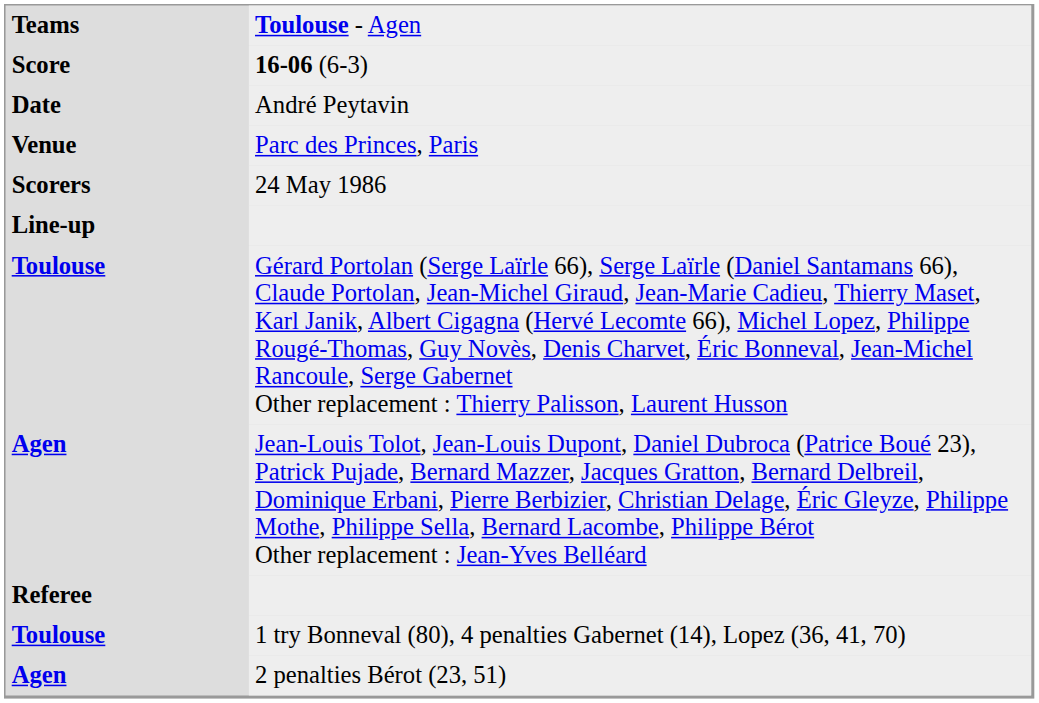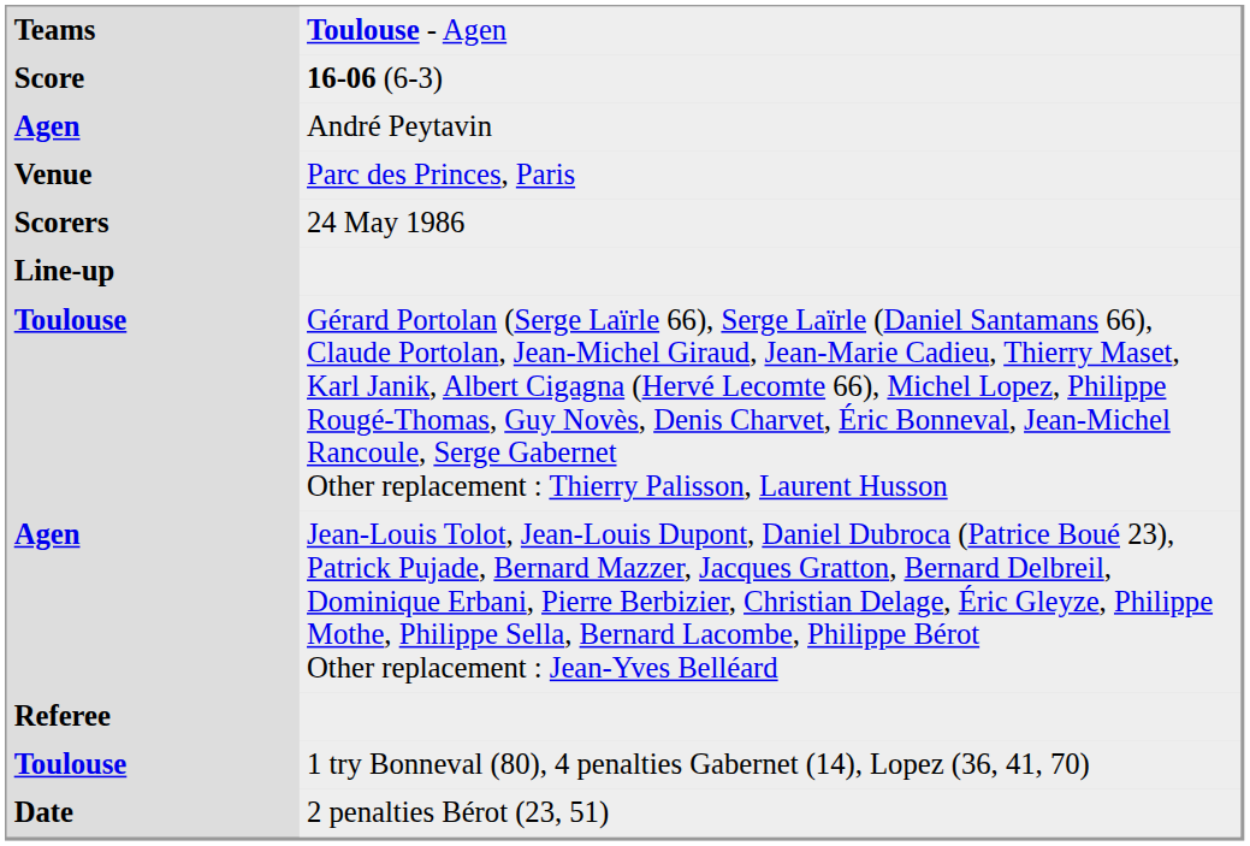 <table align="left" cellpadding="4" cellspacing="0"  style="margin: 0 0 0 0; border: 1px solid #999; border-right-width: 2px; border-bottom-width: 2px; background-color: #DDDDDD">
 <tr>
 <td width="150" valign="top"><strong>Teams</strong></td>
 <td width="500" bgcolor=#EEEEEE><strong><a href='#'>Toulouse</a> </strong> - <a href='#'>Agen</a></td>
 </tr>
 <tr>
 <td valign="top"><strong>Score</strong></td>
 <td bgcolor=#EEEEEE><strong>16-06</strong> (6-3)</td>
 </tr>
 <tr>
-<td valign="top"><strong>Date</strong></td>
+<td valign="top"><strong><a href='#'>Agen</a> </strong></td>
 <td bgcolor=#EEEEEE>André Peytavin</td>
 </tr>
 <tr>
 <td valign="top"><strong>Venue</strong></td>
 <td bgcolor=#EEEEEE><a href='#'>Parc des Princes</a>, <a href='#'>Paris</a></td>
 </tr>
 <tr>
 <td valign="top"><strong>Scorers</strong></td>
 <td bgcolor=#EEEEEE>24 May 1986</td>
 </tr>
 <tr>
 <td valign="top"><strong>Line-up</strong></td>
 <td bgcolor=#EEEEEE></td>
 </tr>
 <tr>
 <td valign="top"><strong> <a href='#'>Toulouse</a> </strong></td>
 <td bgcolor=#EEEEEE><a href='#'>Gérard Portolan</a> (<a href='#'>Serge Laïrle</a> 66), <a href='#'>Serge Laïrle</a> (<a href='#'>Daniel Santamans</a> 66), <a href='#'>Claude Portolan</a>, <a href='#'>Jean-Michel Giraud</a>, <a href='#'>Jean-Marie Cadieu</a>, <a href='#'>Thierry Maset</a>, <a href='#'>Karl Janik</a>, <a href='#'>Albert Cigagna</a> (<a href='#'>Hervé Lecomte</a> 66), <a href='#'>Michel Lopez</a>, <a href='#'>Philippe Rougé-Thomas</a>, <a href='#'>Guy Novès</a>, <a href='#'>Denis Charvet</a>, <a href='#'>Éric Bonneval</a>, <a href='#'>Jean-Michel Rancoule</a>, <a href='#'>Serge Gabernet</a><br>Other replacement : <a href='#'>Thierry Palisson</a>, <a href='#'>Laurent Husson</a></td>
 </tr>
 <tr>
 <td valign="top"><strong><a href='#'>Agen</a> </strong></td>
 <td bgcolor=#EEEEEE><a href='#'>Jean-Louis Tolot</a>, <a href='#'>Jean-Louis Dupont</a>, <a href='#'>Daniel Dubroca</a> (<a href='#'>Patrice Boué</a> 23), <a href='#'>Patrick Pujade</a>, <a href='#'>Bernard Mazzer</a>, <a href='#'>Jacques Gratton</a>, <a href='#'>Bernard Delbreil</a>, <a href='#'>Dominique Erbani</a>, <a href='#'>Pierre Berbizier</a>, <a href='#'>Christian Delage</a>, <a href='#'>Éric Gleyze</a>, <a href='#'>Philippe Mothe</a>, <a href='#'>Philippe Sella</a>, <a href='#'>Bernard Lacombe</a>, <a href='#'>Philippe Bérot</a><br>Other replacement : <a href='#'>Jean-Yves Belléard</a></td>
 </tr>
 <tr>
 <td valign="top"><strong>Referee</strong></td>
 <td bgcolor=#EEEEEE></td>
 </tr>
 <tr>
 <td valign="top"><strong> <a href='#'>Toulouse</a> </strong></td>
 <td bgcolor=#EEEEEE>1 try Bonneval (80), 4 penalties  Gabernet (14), Lopez (36, 41, 70)</td>
 </tr>
 <tr>
-<td valign="top"><strong><a href='#'>Agen</a> </strong></td>
+<td valign="top"><strong>Date</strong></td>
 <td bgcolor=#EEEEEE>2 penalties  Bérot (23, 51)</td>
 </tr>
 </table>
